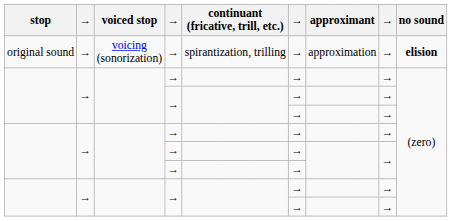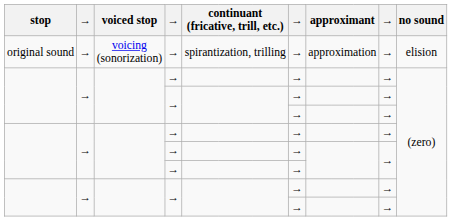 <table class="wikitable" style="text-align: center;">
 <tr>
 <th>stop</th>
 <th>→</th>
 <th>voiced stop</th>
 <th>→</th>
 <th colspan=3>continuant<br> (fricative, trill, etc.)</th>
 <th>→</th>
 <th colspan=3>approximant</th>
 <th>→</th>
 <th>no sound</th>
 </tr>
 <tr>
 <td>original sound</td>
 <td>→</td>
 <td><a href='#'>voicing</a><br> (sonorization)</td>
 <td>→</td>
 <td colspan=3>spirantization, trilling</td>
 <td>→</td>
 <td colspan=3>approximation</td>
 <td>→</td>
-<td><strong>elision</strong></td>
+<td>elision</td>
 </tr>
 <tr>
 <td rowspan=3></td>
 <td rowspan=3>→</td>
 <td rowspan=3></td>
 <td>→</td>
 <td style="border-right: 0px;"></td>
 <td colspan=2 style="border-left: 0px;"></td>
 <td>→</td>
 <td style="border-right: 0px;"></td>
 <td style="border-right: 0px; border-left: 0px;"></td>
 <td style="border-left: 0px;"></td>
 <td>→</td>
 <td rowspan=8>(zero)</td>
 </tr>
 <tr>
 <td rowspan=2>→</td>
 <td rowspan=2 style="border-right: 0px;"></td>
 <td rowspan=2 style="border-right: 0px; border-left: 0px;"></td>
 <td rowspan=2 style="border-left: 0px;"></td>
 <td>→</td>
 <td style="border-right: 0px;"></td>
 <td style="border-right: 0px; border-left: 0px;"></td>
 <td style="border-left: 0px;"></td>
 <td>→</td>
 </tr>
 <tr>
 <td>→</td>
 <td style="border-right: 0px;"></td>
 <td style="border-right: 0px; border-left: 0px;"></td>
 <td style="border-left: 0px;"></td>
 <td>→</td>
 </tr>
 <tr>
 <td rowspan=3></td>
 <td rowspan=3>→</td>
 <td rowspan=3></td>
 <td>→</td>
 <td style="border-right: 0px;"></td>
 <td style="border-right: 0px; border-left: 0px;"></td>
 <td style="border-left: 0px;"></td>
 <td>→</td>
 <td colspan=3></td>
 <td>→</td>
 </tr>
 <tr>
 <td>→</td>
 <td style="border-right: 0px;"></td>
 <td style="border-right: 0px; border-left: 0px;"></td>
 <td style="border-left: 0px;"></td>
 <td>→</td>
 <td colspan=3 rowspan=2></td>
 <td rowspan=2>→</td>
 </tr>
 <tr>
 <td>→</td>
 <td style="border-right: 0px;"></td>
 <td style="border-right: 0px; border-left: 0px;"></td>
 <td style="border-left: 0px;"></td>
 <td>→</td>
 </tr>
 <tr>
 <td rowspan=2></td>
 <td rowspan=2>→</td>
 <td rowspan=2></td>
 <td rowspan=2>→</td>
 <td rowspan=2 colspan=3></td>
 <td>→</td>
 <td style="border-right: 0px;"></td>
 <td colspan=2 style="border-left: 0px;"></td>
 <td>→</td>
 </tr>
 <tr>
 <td>→</td>
 <td style="border-right: 0px;"></td>
 <td colspan=2 style="border-left: 0px;"></td>
 <td>→</td>
 </tr>
 </table>
